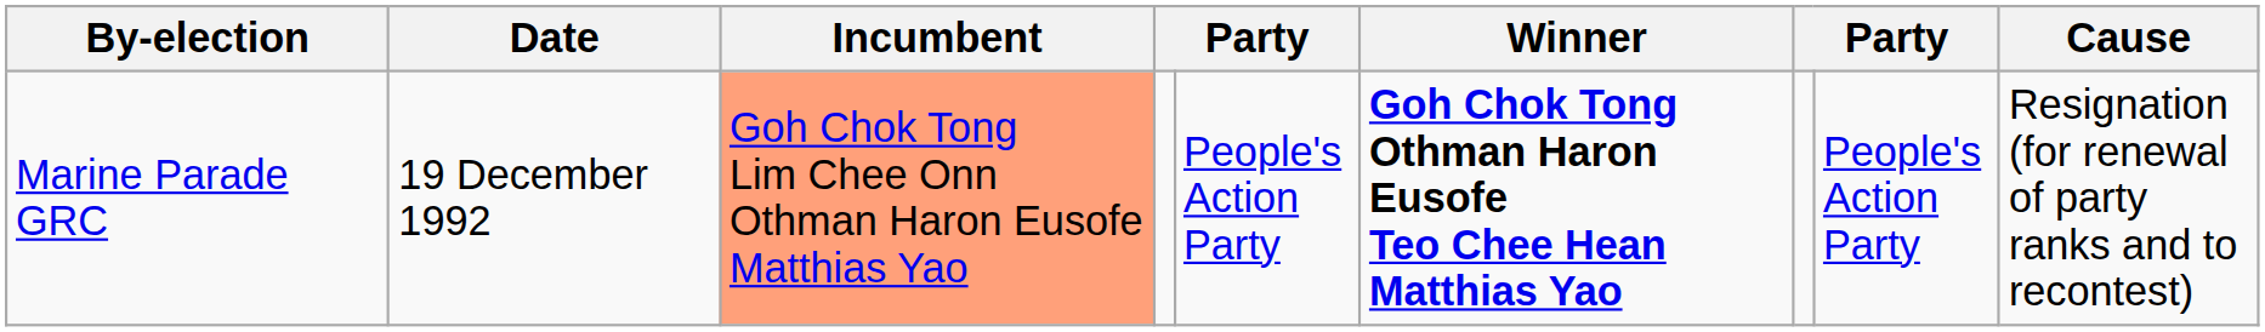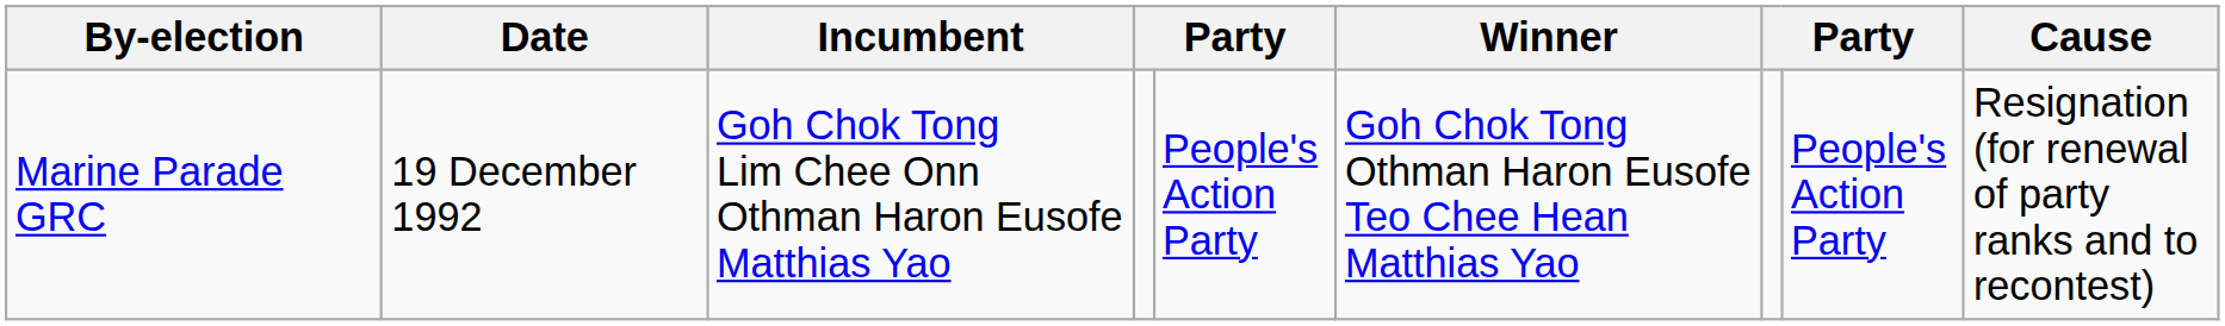 <table class="wikitable">
 <tr>
 <th ! scope="col" width="140px">By-election</th>
 <th ! scope="col" width="120px">Date</th>
 <th ! scope="col" width="160px">Incumbent</th>
 <th ! scope="col" width="200px" colspan=2>Party</th>
 <th ! scope="col" width="160px">Winner</th>
 <th ! scope="col" width="200px" colspan=2>Party</th>
 <th ! scope="col">Cause</th>
 </tr>
 <tr>
 <td><a href='#'>Marine Parade GRC</a></td>
 <td>19 December 1992</td>
-<td style="background: lightsalmon;"><a href='#'>Goh Chok Tong</a><br>Lim Chee Onn<br>Othman Haron Eusofe<br><a href='#'>Matthias Yao</a></td>
+<td><a href='#'>Goh Chok Tong</a><br>Lim Chee Onn<br>Othman Haron Eusofe<br><a href='#'>Matthias Yao</a></td>
 <td></td>
 <td><a href='#'>People's Action Party</a></td>
-<td><strong><a href='#'>Goh Chok Tong</a><br>Othman Haron Eusofe<br><a href='#'>Teo Chee Hean</a><br><a href='#'>Matthias Yao</a></strong></td>
+<td><a href='#'>Goh Chok Tong</a><br>Othman Haron Eusofe<br><a href='#'>Teo Chee Hean</a><br><a href='#'>Matthias Yao</a></td>
 <td></td>
 <td><a href='#'>People's Action Party</a></td>
 <td>Resignation (for renewal of party ranks and to recontest)</td>
 </tr>
 </table>
